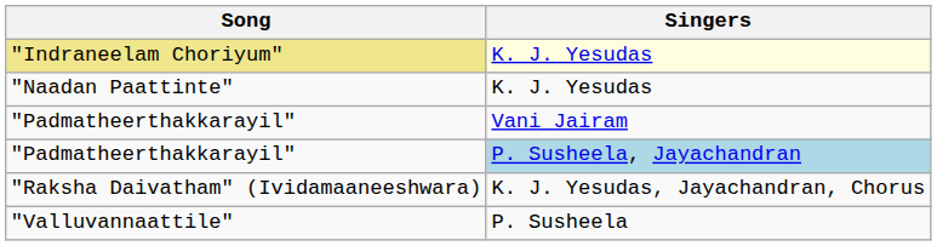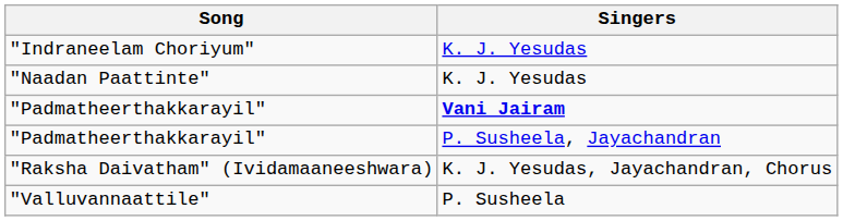 <table class="wikitable" style="font-size:95%;">
 <tr>
 <th>Song</th>
 <th>Singers</th>
 </tr>
 <tr>
-<td style="background: khaki;">"Indraneelam Choriyum"</td>
-<td style="background: lightyellow;"><a href='#'>K. J. Yesudas</a></td>
+<td>"Indraneelam Choriyum"</td>
+<td><a href='#'>K. J. Yesudas</a></td>
 </tr>
 <tr>
 <td>"Naadan Paattinte"</td>
 <td>K. J. Yesudas</td>
 </tr>
 <tr>
 <td>"Padmatheerthakkarayil"</td>
-<td><a href='#'>Vani Jairam</a></td>
+<td><strong><a href='#'>Vani Jairam</a></strong></td>
 </tr>
 <tr>
 <td>"Padmatheerthakkarayil"</td>
-<td style="background: lightblue;"><a href='#'>P. Susheela</a>, <a href='#'>Jayachandran</a></td>
+<td><a href='#'>P. Susheela</a>, <a href='#'>Jayachandran</a></td>
 </tr>
 <tr>
 <td>"Raksha Daivatham" (Ividamaaneeshwara)</td>
 <td>K. J. Yesudas, Jayachandran, Chorus</td>
 </tr>
 <tr>
 <td>"Valluvannaattile"</td>
 <td>P. Susheela</td>
 </tr>
 </table>
